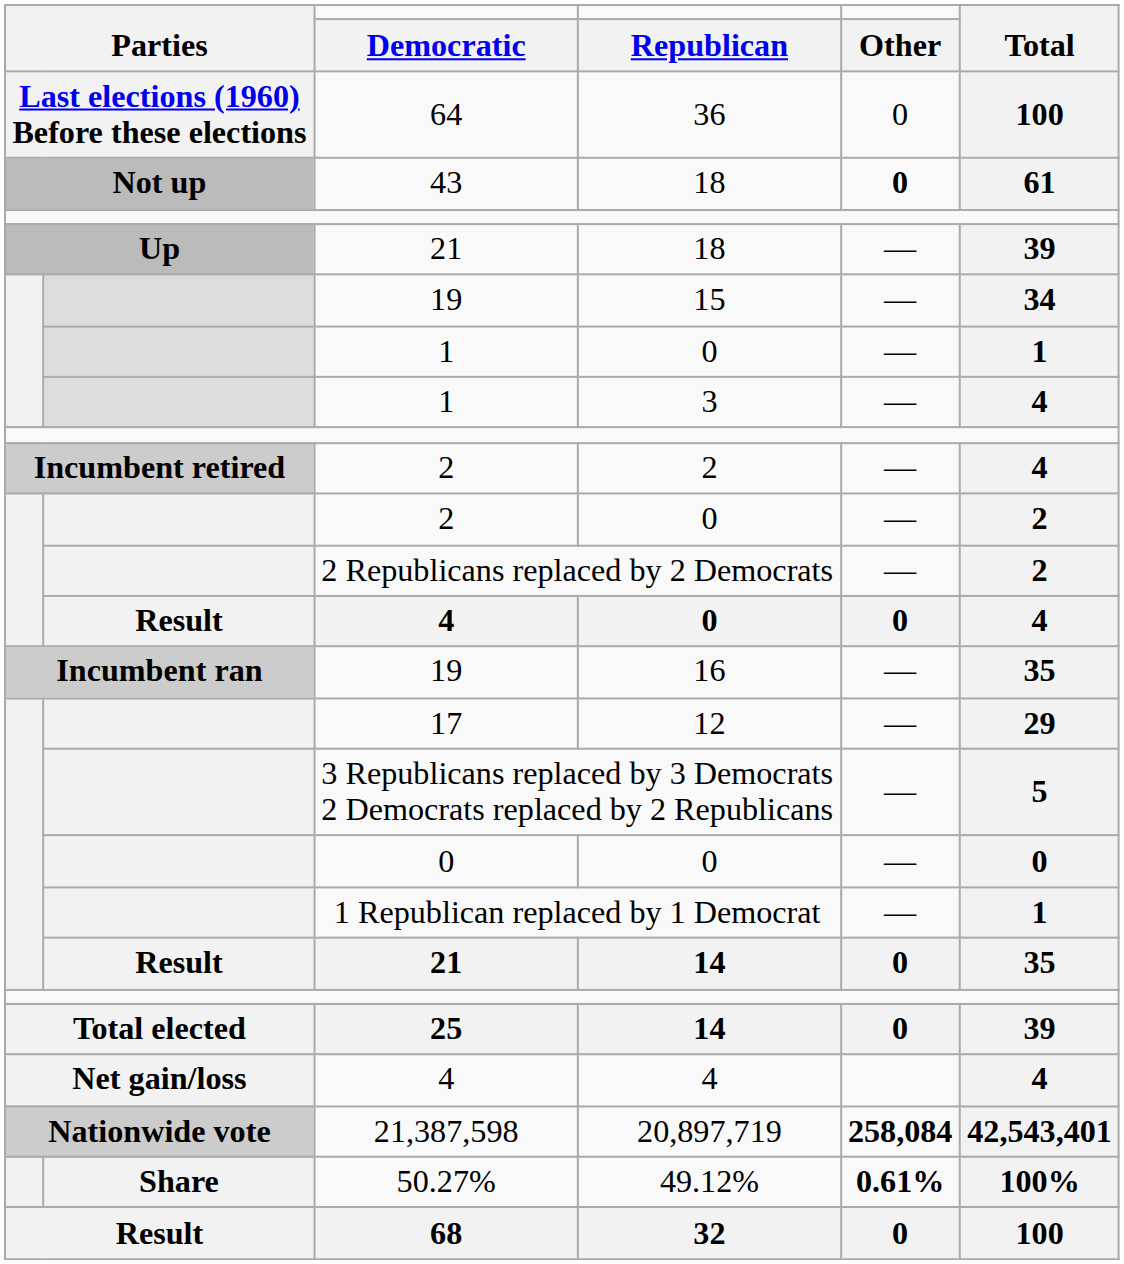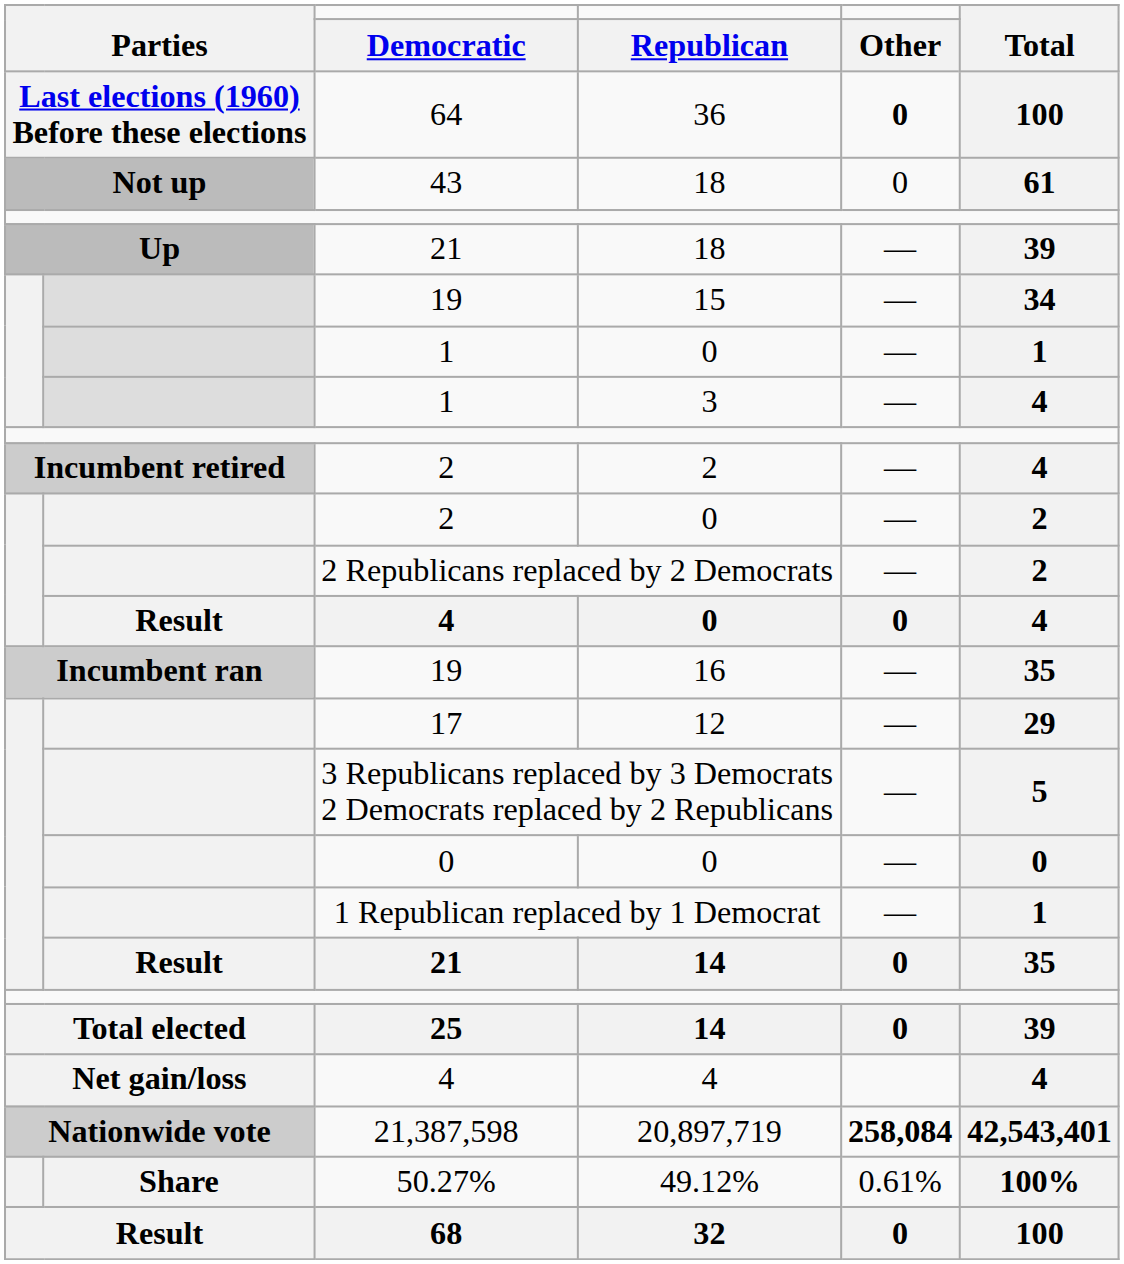 <table class=wikitable style=text-align:center>
 <tr valign=bottom>
 <th rowspan=2 colspan=2>Parties</th>
 <td style="background-color:"></td>
 <td style="background-color:"></td>
 <td style="background-color:"></td>
 <th rowspan=2>Total</th>
 </tr>
 <tr valign=bottom>
 <th><a href='#'>Democratic</a></th>
 <th><a href='#'>Republican</a></th>
 <th>Other</th>
 </tr>
 <tr>
 <th colspan=2><a href='#'>Last elections (1960)</a><br>Before these elections</th>
 <td>64</td>
 <td>36</td>
-<td>0</td>
+<td><strong>0</strong></td>
 <th>100</th>
 </tr>
 <tr>
 <th colspan=2 style="background:#bbb">Not up</th>
 <td>43</td>
 <td>18</td>
-<td><strong>0</strong></td>
+<td>0</td>
 <th>61</th>
 </tr>
 <tr>
 <td colspan=100></td>
 </tr>
 <tr>
 <th colspan=2 style="background:#bbb">Up</th>
 <td>21</td>
 <td>18</td>
 <td>—</td>
 <th>39</th>
 </tr>
 <tr>
 <th rowspan=3></th>
 <th style="background:#ddd"></th>
 <td>19</td>
 <td>15</td>
 <td>—</td>
 <th>34</th>
 </tr>
 <tr>
 <th style="background:#ddd"></th>
 <td>1</td>
 <td>0</td>
 <td>—</td>
 <th>1</th>
 </tr>
 <tr>
 <th style="background:#ddd"></th>
 <td>1</td>
 <td>3</td>
 <td>—</td>
 <th>4</th>
 </tr>
 <tr>
 <td colspan=100></td>
 </tr>
 <tr>
 <th colspan=2 style="background:#ccc">Incumbent retired</th>
 <td>2</td>
 <td>2</td>
 <td>—</td>
 <th>4</th>
 </tr>
 <tr>
 <th rowspan=3></th>
 <th></th>
 <td>2</td>
 <td>0</td>
 <td>—</td>
 <th>2</th>
 </tr>
 <tr>
 <th></th>
 <td colspan=2 >2 Republicans replaced by 2 Democrats</td>
 <td>—</td>
 <th>2</th>
 </tr>
 <tr>
 <th>Result</th>
 <th>4</th>
 <th>0</th>
 <th>0</th>
 <th>4</th>
 </tr>
 <tr>
 <th colspan=2 style="background:#ccc">Incumbent ran</th>
 <td>19</td>
 <td>16</td>
 <td>—</td>
 <th>35</th>
 </tr>
 <tr>
 <th rowspan=5></th>
 <th></th>
 <td>17</td>
 <td>12</td>
 <td>—</td>
 <th>29</th>
 </tr>
 <tr>
 <th></th>
 <td colspan=2 >3 Republicans replaced by 3 Democrats<br>2 Democrats replaced by 2 Republicans</td>
 <td>—</td>
 <th>5</th>
 </tr>
 <tr>
 <th></th>
 <td>0</td>
 <td>0</td>
 <td>—</td>
 <th>0</th>
 </tr>
 <tr>
 <th></th>
 <td colspan=2 >1 Republican replaced by 1 Democrat</td>
 <td>—</td>
 <th>1</th>
 </tr>
 <tr>
 <th>Result</th>
 <th>21</th>
 <th>14</th>
 <th>0</th>
 <th>35</th>
 </tr>
 <tr>
 <td colspan=100></td>
 </tr>
 <tr>
 <th colspan=2>Total elected</th>
 <th>25</th>
 <th>14</th>
 <th>0</th>
 <th>39</th>
 </tr>
 <tr>
 <th colspan=2>Net gain/loss</th>
 <td>4</td>
 <td>4</td>
 <td></td>
 <th>4</th>
 </tr>
 <tr>
 <th colspan=2 style="background:#ccc">Nationwide vote</th>
 <td>21,387,598</td>
 <td>20,897,719</td>
 <td><strong>258,084</strong></td>
 <th>42,543,401</th>
 </tr>
 <tr>
 <th></th>
 <th>Share</th>
 <td>50.27%</td>
 <td>49.12%</td>
-<td><strong>0.61%</strong></td>
+<td>0.61%</td>
 <th>100%</th>
 </tr>
 <tr>
 <th colspan=2>Result</th>
 <th>68</th>
 <th>32</th>
 <th>0</th>
 <th>100</th>
 </tr>
 </table>
